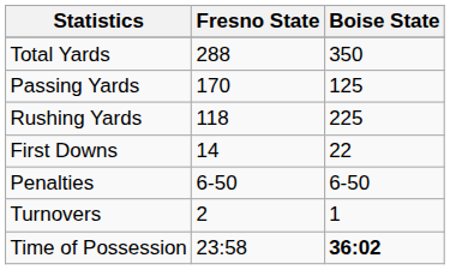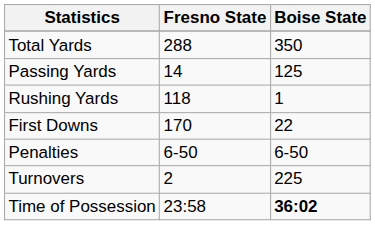 <table class="wikitable">
 <tr>
 <th>Statistics</th>
 <th>Fresno State</th>
 <th>Boise State</th>
 </tr>
 <tr>
 </tr>
 <tr>
 <td>Total Yards</td>
 <td>288</td>
 <td>350</td>
 </tr>
 <tr>
 <td>Passing Yards</td>
-<td>170</td>
+<td>14</td>
 <td>125</td>
 </tr>
 <tr>
 <td>Rushing Yards</td>
 <td>118</td>
-<td>225</td>
+<td>1</td>
 </tr>
 <tr>
 <td>First Downs</td>
-<td>14</td>
+<td>170</td>
 <td>22</td>
 </tr>
 <tr>
 <td>Penalties</td>
 <td>6-50</td>
 <td>6-50</td>
 </tr>
 <tr>
 <td>Turnovers</td>
 <td>2</td>
-<td>1</td>
+<td>225</td>
 </tr>
 <tr>
 <td>Time of Possession</td>
 <td>23:58</td>
 <td><strong>36:02</strong></td>
 </tr>
 </table>
